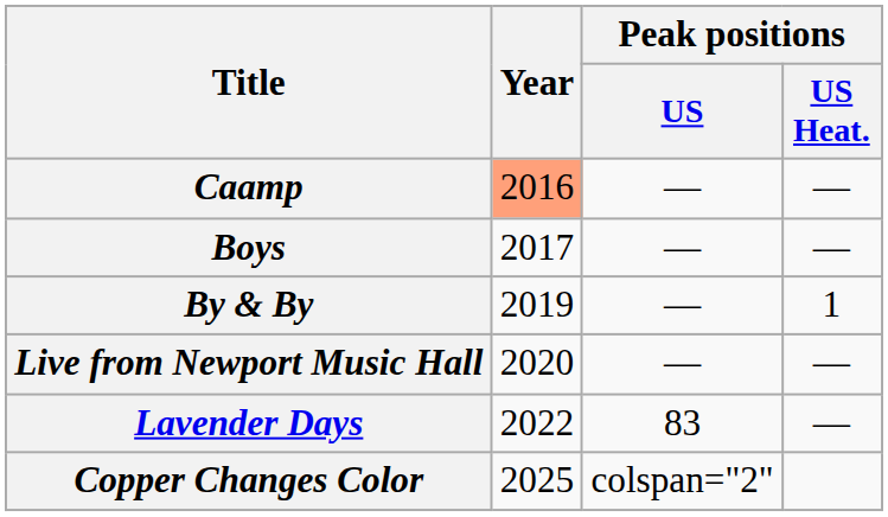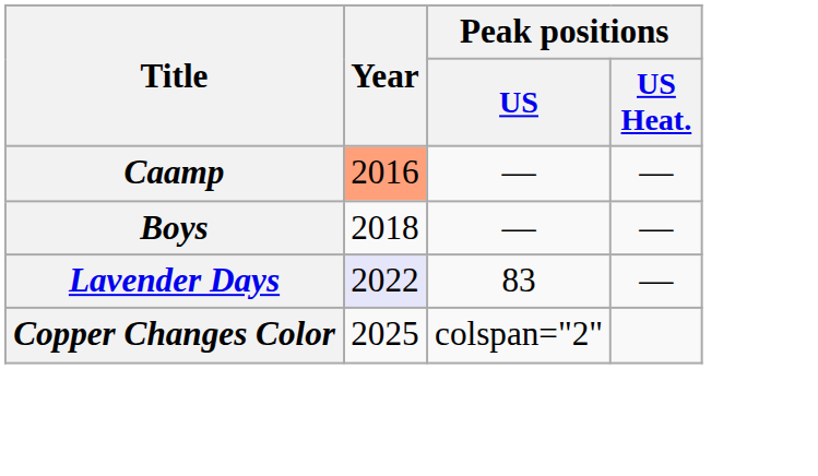 <table class="wikitable plainrowheaders" style="text-align:center">
 <tr>
 <th rowspan="2">Title</th>
 <th rowspan="2">Year</th>
 <th colspan="2">Peak positions</th>
 </tr>
 <tr>
 <th scope="col" style="width:2.5em;font-size:90%;"><a href='#'>US</a><br></th>
 <th scope="col" style="width:2.5em;font-size:90%;"><a href='#'>US<br>Heat.</a><br></th>
 </tr>
 <tr>
 <th scope="row"><em>Caamp</em></th>
 <td style="background: lightsalmon;">2016</td>
 <td>—</td>
 <td>—</td>
 </tr>
 <tr>
 <th scope="row"><em>Boys</em></th>
-<td>2017</td>
-<td>—</td>
-<td>—</td>
-</tr>
-<tr>
-<th scope="row"><em>By & By</em></th>
-<td>2019</td>
-<td>—</td>
-<td>1</td>
-</tr>
-<tr>
-<th scope="row"><em>Live from Newport Music Hall</em></th>
-<td>2020</td>
+<td>2018</td>
 <td>—</td>
 <td>—</td>
 </tr>
 <tr>
 <th scope="row"><em><a href='#'>Lavender Days</a></em></th>
-<td>2022</td>
+<td style="background: lavender;">2022</td>
 <td>83</td>
 <td>—</td>
 </tr>
 <tr>
 <th scope="row"><em>Copper Changes Color</em></th>
 <td>2025</td>
 <td>colspan="2" </td>
 </tr>
 </table>
